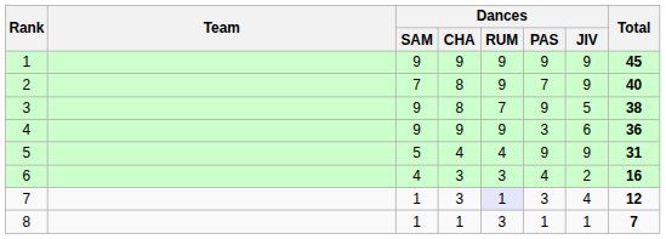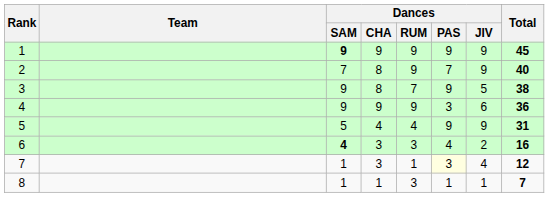 <table class=wikitable style="text-align:center">
 <tr>
 <th rowspan="2" width=40>Rank</th>
 <th rowspan="2" width=380>Team</th>
 <th colspan="5">Dances</th>
 <th rowspan="2" width=50>Total</th>
 </tr>
 <tr>
 <th width=40>SAM</th>
 <th width=40>CHA</th>
 <th width=40>RUM</th>
 <th width=40>PAS</th>
 <th width=40>JIV</th>
 </tr>
 <tr bgcolor="ccffcc">
 <td>1</td>
 <td align=left></td>
-<td>9</td>
+<td><strong>9</strong></td>
 <td>9</td>
 <td>9</td>
 <td>9</td>
 <td>9</td>
 <td><strong>45</strong></td>
 </tr>
 <tr bgcolor="ccffcc">
 <td>2</td>
 <td align=left></td>
 <td>7</td>
 <td>8</td>
 <td>9</td>
 <td>7</td>
 <td>9</td>
 <td><strong>40</strong></td>
 </tr>
 <tr bgcolor="ccffcc">
 <td>3</td>
 <td align=left></td>
 <td>9</td>
 <td>8</td>
 <td>7</td>
 <td>9</td>
 <td>5</td>
 <td><strong>38</strong></td>
 </tr>
 <tr bgcolor="ccffcc">
 <td>4</td>
 <td align=left></td>
 <td>9</td>
 <td>9</td>
 <td>9</td>
 <td>3</td>
 <td>6</td>
 <td><strong>36</strong></td>
 </tr>
 <tr bgcolor="ccffcc">
 <td>5</td>
 <td align=left></td>
 <td>5</td>
 <td>4</td>
 <td>4</td>
 <td>9</td>
 <td>9</td>
 <td><strong>31</strong></td>
 </tr>
 <tr bgcolor="ccffcc">
 <td>6</td>
 <td align=left></td>
-<td>4</td>
+<td><strong>4</strong></td>
 <td>3</td>
 <td>3</td>
 <td>4</td>
 <td>2</td>
 <td><strong>16</strong></td>
 </tr>
 <tr>
 <td>7</td>
 <td align=left></td>
 <td>1</td>
 <td>3</td>
-<td style="background: lavender;">1</td>
-<td>3</td>
+<td>1</td>
+<td style="background: lightyellow;">3</td>
 <td>4</td>
 <td><strong>12</strong></td>
 </tr>
 <tr>
 <td>8</td>
 <td align=left></td>
 <td>1</td>
 <td>1</td>
 <td>3</td>
 <td>1</td>
 <td>1</td>
 <td><strong>7</strong></td>
 </tr>
 </table>
